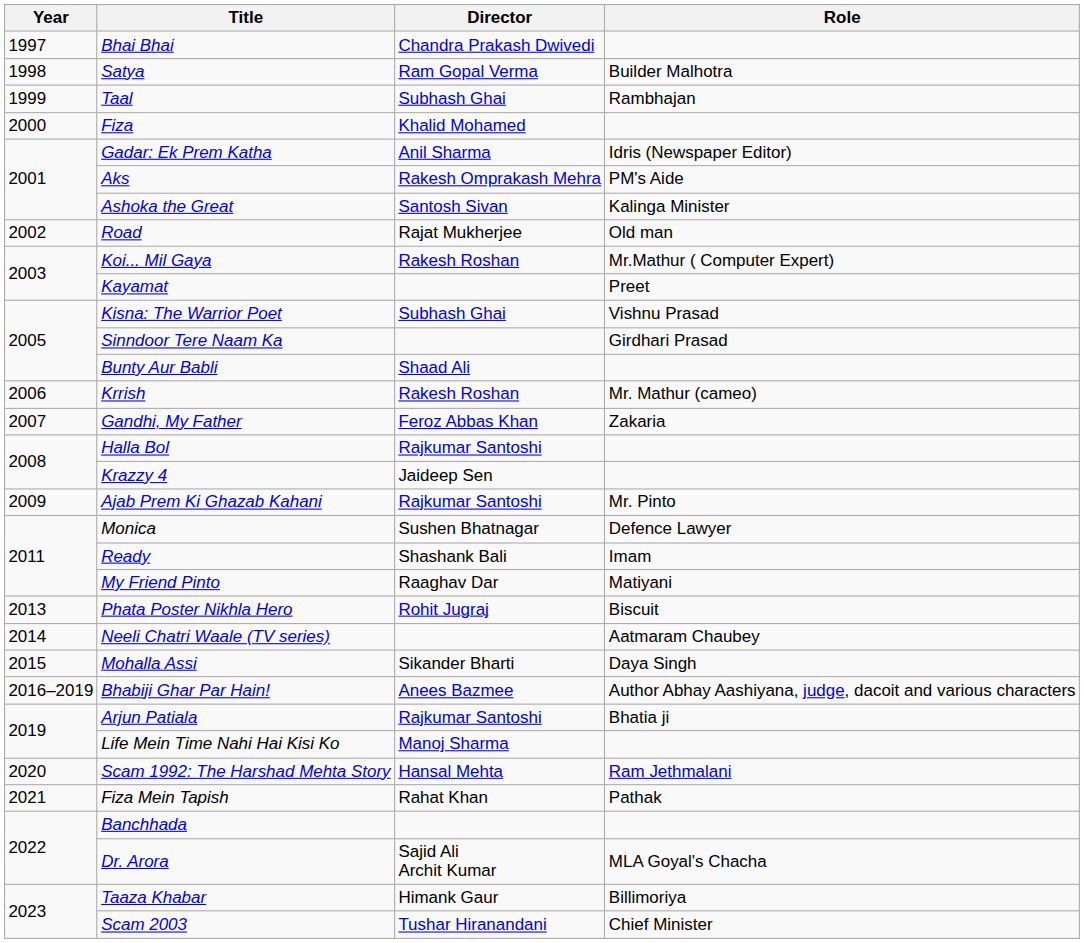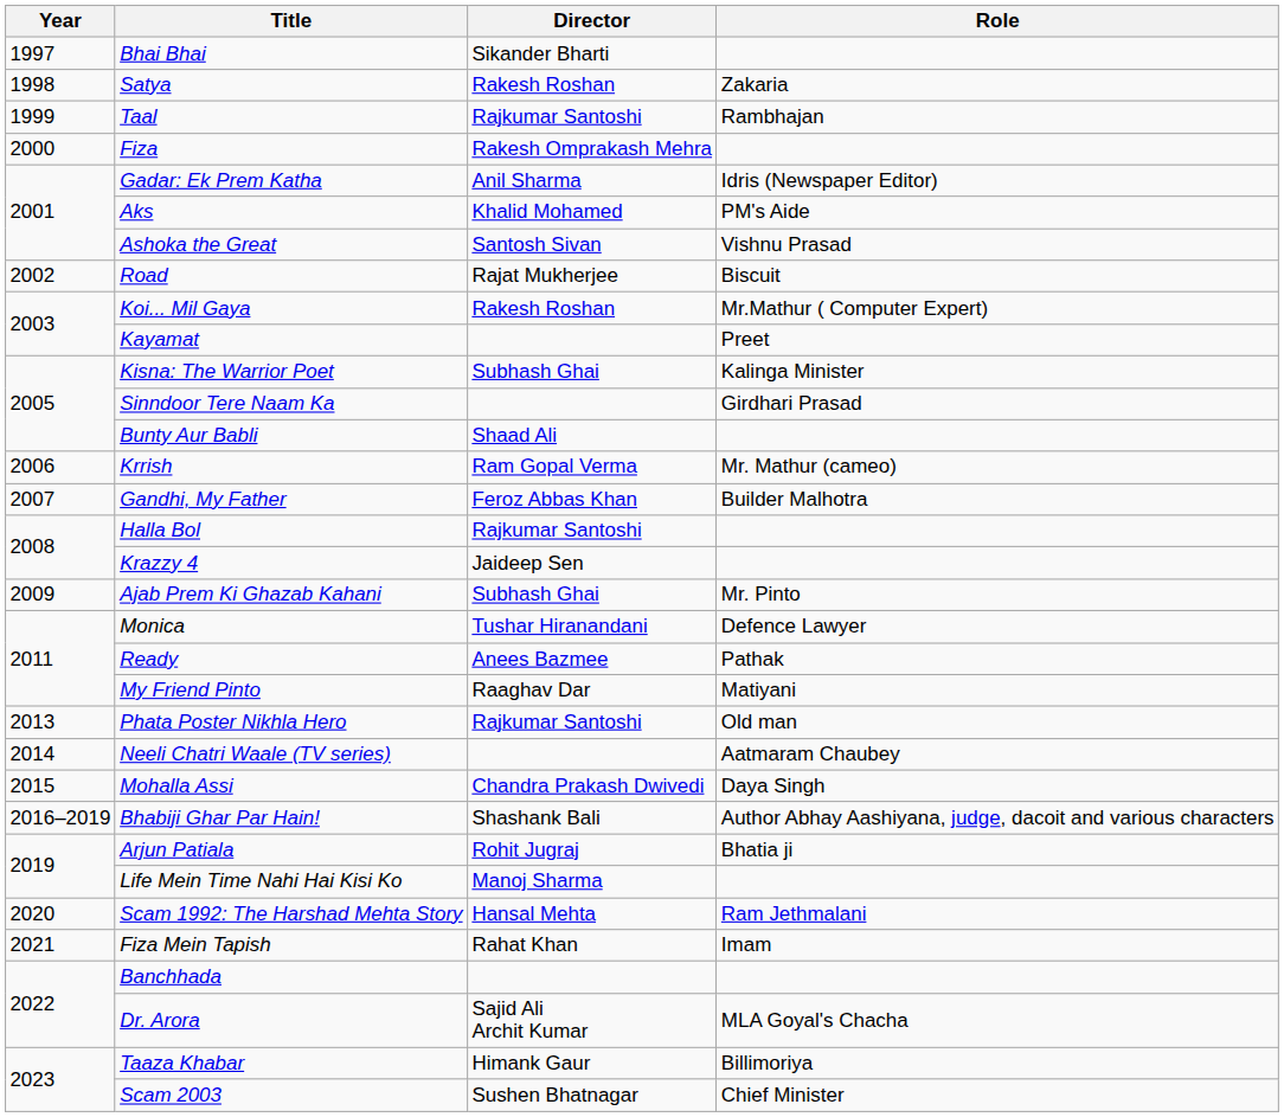 <table class="wikitable sortable">
 <tr>
 <th>Year</th>
 <th>Title</th>
 <th>Director</th>
 <th>Role</th>
 </tr>
 <tr>
 <td>1997</td>
 <td><a href='#'><em>Bhai Bhai</em></a></td>
-<td><a href='#'>Chandra Prakash Dwivedi</a></td>
+<td>Sikander Bharti</td>
 <td></td>
 </tr>
 <tr>
 <td>1998</td>
 <td><a href='#'><em>Satya</em></a></td>
-<td><a href='#'>Ram Gopal Verma</a></td>
-<td>Builder Malhotra</td>
+<td><a href='#'>Rakesh Roshan</a></td>
+<td>Zakaria</td>
 </tr>
 <tr>
 <td>1999</td>
 <td><a href='#'><em>Taal</em></a></td>
-<td><a href='#'>Subhash Ghai</a></td>
+<td><a href='#'>Rajkumar Santoshi</a></td>
 <td>Rambhajan</td>
 </tr>
 <tr>
 <td>2000</td>
 <td><em><a href='#'>Fiza</a></em></td>
-<td><a href='#'>Khalid Mohamed</a></td>
+<td><a href='#'>Rakesh Omprakash Mehra</a></td>
 <td></td>
 </tr>
 <tr>
 <td rowspan=3>2001</td>
 <td><em><a href='#'>Gadar: Ek Prem Katha</a></em></td>
 <td><a href='#'>Anil Sharma</a></td>
 <td>Idris (Newspaper Editor)</td>
 </tr>
 <tr>
 <td><a href='#'><em>Aks</em></a></td>
-<td><a href='#'>Rakesh Omprakash Mehra</a></td>
+<td><a href='#'>Khalid Mohamed</a></td>
 <td>PM's Aide</td>
 </tr>
 <tr>
 <td><a href='#'><em>Ashoka the Great</em></a></td>
 <td><a href='#'>Santosh Sivan</a></td>
-<td>Kalinga Minister</td>
+<td>Vishnu Prasad</td>
 </tr>
 <tr>
 <td>2002</td>
 <td><a href='#'><em>Road</em></a></td>
 <td>Rajat Mukherjee</td>
-<td>Old man</td>
+<td>Biscuit</td>
 </tr>
 <tr>
 <td rowspan=2>2003</td>
 <td><em><a href='#'>Koi... Mil Gaya</a></em></td>
 <td><a href='#'>Rakesh Roshan</a></td>
 <td>Mr.Mathur ( Computer Expert)</td>
 </tr>
 <tr>
 <td><em><a href='#'>Kayamat</a></em></td>
 <td></td>
 <td>Preet</td>
 </tr>
 <tr>
 <td rowspan=3>2005</td>
 <td><em><a href='#'>Kisna: The Warrior Poet</a></em></td>
 <td><a href='#'>Subhash Ghai</a></td>
-<td>Vishnu Prasad</td>
+<td>Kalinga Minister</td>
 </tr>
 <tr>
 <td><em><a href='#'>Sinndoor Tere Naam Ka</a></em></td>
 <td></td>
 <td>Girdhari Prasad</td>
 </tr>
 <tr>
 <td><em><a href='#'>Bunty Aur Babli</a></em></td>
 <td><a href='#'>Shaad Ali</a></td>
 <td></td>
 </tr>
 <tr>
 <td>2006</td>
 <td><em><a href='#'>Krrish</a></em></td>
-<td><a href='#'>Rakesh Roshan</a></td>
+<td><a href='#'>Ram Gopal Verma</a></td>
 <td>Mr. Mathur (cameo)</td>
 </tr>
 <tr>
 <td>2007</td>
 <td><em><a href='#'>Gandhi, My Father</a></em></td>
 <td><a href='#'>Feroz Abbas Khan</a></td>
-<td>Zakaria</td>
+<td>Builder Malhotra</td>
 </tr>
 <tr>
 <td rowspan=2>2008</td>
 <td><em><a href='#'>Halla Bol</a></em></td>
 <td><a href='#'>Rajkumar Santoshi</a></td>
 <td></td>
 </tr>
 <tr>
 <td><em><a href='#'>Krazzy 4</a></em></td>
 <td>Jaideep Sen</td>
 <td></td>
 </tr>
 <tr>
 <td>2009</td>
 <td><em><a href='#'>Ajab Prem Ki Ghazab Kahani</a></em></td>
-<td><a href='#'>Rajkumar Santoshi</a></td>
+<td><a href='#'>Subhash Ghai</a></td>
 <td>Mr. Pinto</td>
 </tr>
 <tr>
 <td rowspan=3>2011</td>
 <td><em>Monica</em></td>
-<td>Sushen Bhatnagar</td>
+<td><a href='#'>Tushar Hiranandani</a></td>
 <td>Defence Lawyer</td>
 </tr>
 <tr>
 <td><a href='#'><em>Ready</em></a></td>
-<td>Shashank Bali</td>
-<td>Imam</td>
+<td><a href='#'>Anees Bazmee</a></td>
+<td>Pathak</td>
 </tr>
 <tr>
 <td><em><a href='#'>My Friend Pinto</a></em></td>
 <td>Raaghav Dar</td>
 <td>Matiyani</td>
 </tr>
 <tr>
 <td>2013</td>
 <td><em><a href='#'>Phata Poster Nikhla Hero</a></em></td>
-<td><a href='#'>Rohit Jugraj</a></td>
-<td>Biscuit</td>
+<td><a href='#'>Rajkumar Santoshi</a></td>
+<td>Old man</td>
 </tr>
 <tr>
 <td>2014</td>
 <td><a href='#'><em>Neeli Chatri Waale (TV series)</em></a></td>
 <td></td>
 <td>Aatmaram Chaubey</td>
 </tr>
 <tr>
 <td>2015</td>
 <td><em><a href='#'>Mohalla Assi</a></em></td>
-<td>Sikander Bharti</td>
+<td><a href='#'>Chandra Prakash Dwivedi</a></td>
 <td>Daya Singh</td>
 </tr>
 <tr>
 <td>2016–2019</td>
 <td><em><a href='#'>Bhabiji Ghar Par Hain!</a></em></td>
-<td><a href='#'>Anees Bazmee</a></td>
+<td>Shashank Bali</td>
 <td>Author Abhay Aashiyana, <a href='#'>judge</a>, dacoit  and various characters</td>
 </tr>
 <tr>
 <td rowspan=2>2019</td>
 <td><em><a href='#'>Arjun Patiala</a></em></td>
-<td><a href='#'>Rajkumar Santoshi</a></td>
+<td><a href='#'>Rohit Jugraj</a></td>
 <td>Bhatia ji</td>
 </tr>
 <tr>
 <td><em>Life Mein Time Nahi Hai Kisi Ko</em></td>
 <td><a href='#'>Manoj Sharma</a></td>
 <td></td>
 </tr>
 <tr>
 <td>2020</td>
 <td><a href='#'><em>Scam 1992: The Harshad Mehta Story</em></a></td>
 <td><a href='#'>Hansal Mehta</a></td>
 <td><a href='#'>Ram Jethmalani</a></td>
 </tr>
 <tr>
 <td>2021</td>
 <td><em>Fiza Mein Tapish</em></td>
 <td>Rahat Khan</td>
-<td>Pathak</td>
+<td>Imam</td>
 </tr>
 <tr>
 <td rowspan=2>2022</td>
 <td><em><a href='#'>Banchhada</a></em></td>
 <td></td>
 <td></td>
 </tr>
 <tr>
 <td><em><a href='#'>Dr. Arora</a></em></td>
 <td>Sajid Ali<br>Archit Kumar</td>
 <td>MLA Goyal's Chacha</td>
 </tr>
 <tr>
 <td rowspan=2>2023</td>
 <td><em><a href='#'>Taaza Khabar</a></em></td>
 <td>Himank Gaur</td>
 <td>Billimoriya</td>
 </tr>
 <tr>
 <td><em><a href='#'>Scam 2003</a></em></td>
-<td><a href='#'>Tushar Hiranandani</a></td>
+<td>Sushen Bhatnagar</td>
 <td>Chief Minister</td>
 </tr>
 </table>
